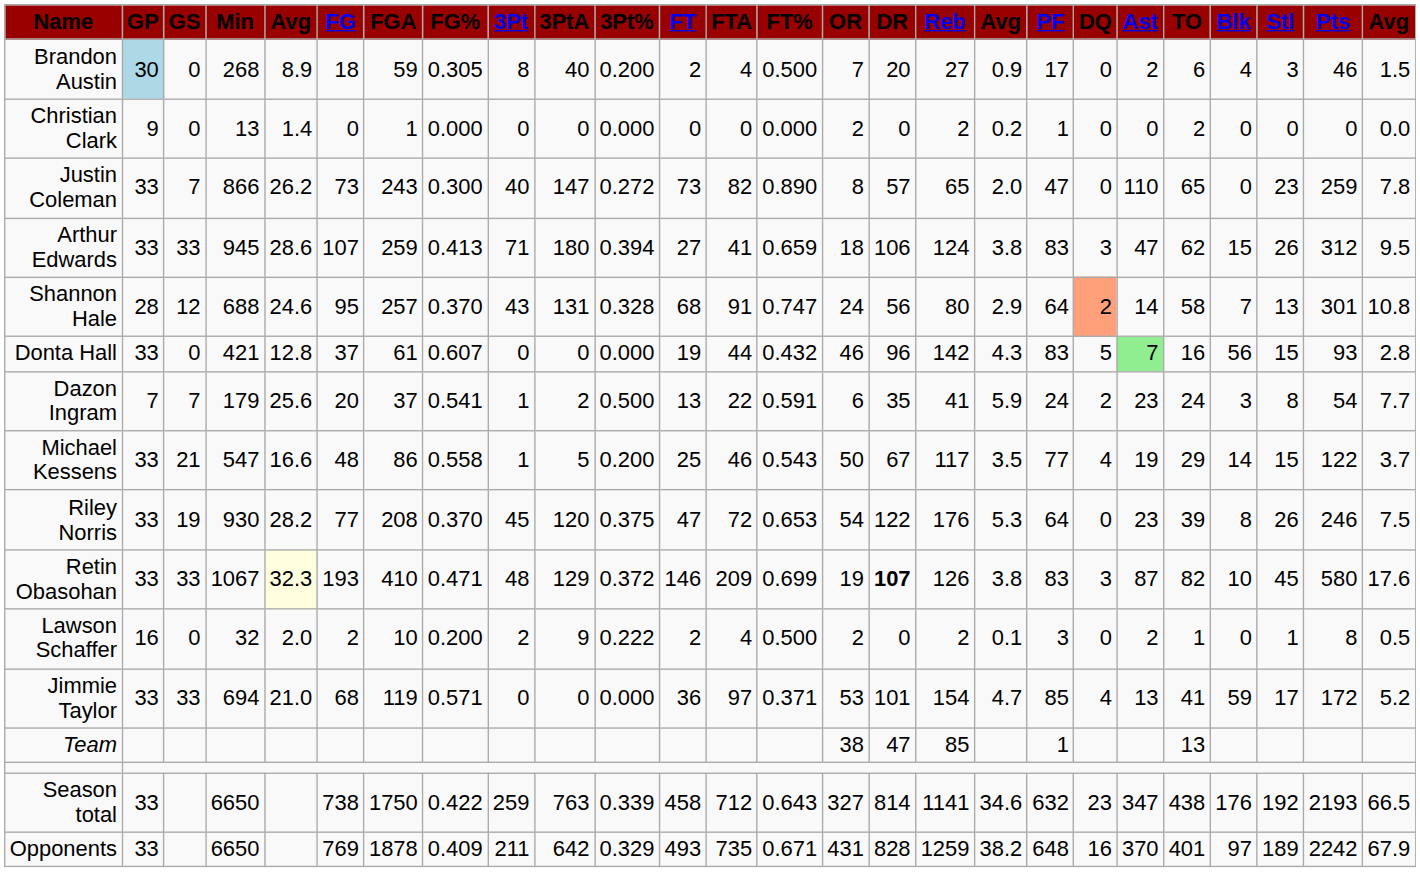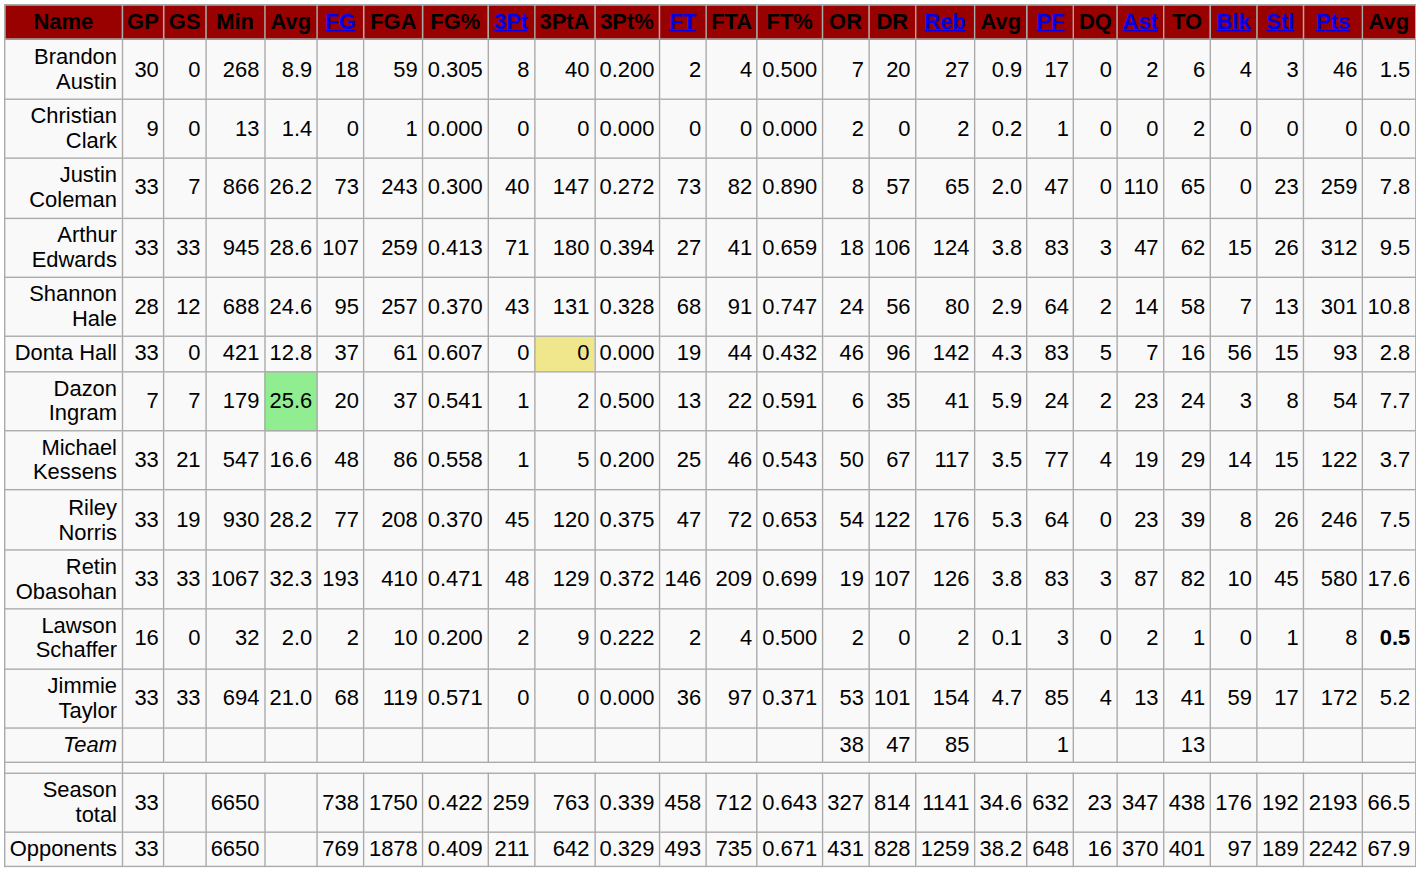 <table class="wikitable sortable" style="text-align:right">
 <tr>
 <td style="text-align:center; background:#990000;"><span><strong>Name</strong></span></td>
 <td style="text-align:center; background:#990000;"><span><strong>GP</strong></span></td>
 <td style="text-align:center; background:#990000;"><span><strong>GS</strong></span></td>
 <td style="text-align:center; background:#990000;"><span><strong>Min</strong></span></td>
 <td style="text-align:center; background:#990000;"><span><strong>Avg</strong></span></td>
 <td style="text-align:center; background:#990000;"><strong><a href='#'><span>FG</span></a></strong></td>
 <td style="text-align:center; background:#990000;"><span><strong>FGA</strong></span></td>
 <td style="text-align:center; background:#990000;"><span><strong>FG%</strong></span></td>
 <td style="text-align:center; background:#990000;"><strong><a href='#'><span>3Pt</span></a></strong></td>
 <td style="text-align:center; background:#990000;"><span><strong>3PtA</strong></span></td>
 <td style="text-align:center; background:#990000;"><span><strong>3Pt%</strong></span></td>
 <td style="text-align:center; background:#990000;"><strong><a href='#'><span>FT</span></a></strong></td>
 <td style="text-align:center; background:#990000;"><span><strong>FTA</strong></span></td>
 <td style="text-align:center; background:#990000;"><span><strong>FT%</strong></span></td>
 <td style="text-align:center; background:#990000;"><span><strong>OR</strong></span></td>
 <td style="text-align:center; background:#990000;"><span><strong>DR</strong></span></td>
 <td style="text-align:center; background:#990000;"><span><strong><a href='#'><span>Reb</span></a></strong></span></td>
 <td style="text-align:center; background:#990000;"><span><strong>Avg</strong></span></td>
 <td style="text-align:center; background:#990000;"><strong><a href='#'><span>PF</span></a></strong></td>
 <td style="text-align:center; background:#990000;"><span><strong>DQ</strong></span></td>
 <td style="text-align:center; background:#990000;"><strong><a href='#'><span>Ast</span></a></strong></td>
 <td style="text-align:center; background:#990000;"><span><strong>TO</strong></span></td>
 <td style="text-align:center; background:#990000;"><strong><a href='#'><span>Blk</span></a></strong></td>
 <td style="text-align:center; background:#990000;"><strong><a href='#'><span>Stl</span></a></strong></td>
 <td style="text-align:center; background:#990000;"><strong><a href='#'><span>Pts</span></a></strong></td>
 <td style="text-align:center; background:#990000;"><span><strong>Avg</strong></span></td>
 </tr>
 <tr>
 <td>Brandon Austin</td>
-<td style="background: lightblue;">30</td>
+<td>30</td>
 <td>0</td>
 <td>268</td>
 <td>8.9</td>
 <td>18</td>
 <td>59</td>
 <td>0.305</td>
 <td>8</td>
 <td>40</td>
 <td>0.200</td>
 <td>2</td>
 <td>4</td>
 <td>0.500</td>
 <td>7</td>
 <td>20</td>
 <td>27</td>
 <td>0.9</td>
 <td>17</td>
 <td>0</td>
 <td>2</td>
 <td>6</td>
 <td>4</td>
 <td>3</td>
 <td>46</td>
 <td>1.5</td>
 </tr>
 <tr>
 <td>Christian Clark</td>
 <td>9</td>
 <td>0</td>
 <td>13</td>
 <td>1.4</td>
 <td>0</td>
 <td>1</td>
 <td>0.000</td>
 <td>0</td>
 <td>0</td>
 <td>0.000</td>
 <td>0</td>
 <td>0</td>
 <td>0.000</td>
 <td>2</td>
 <td>0</td>
 <td>2</td>
 <td>0.2</td>
 <td>1</td>
 <td>0</td>
 <td>0</td>
 <td>2</td>
 <td>0</td>
 <td>0</td>
 <td>0</td>
 <td>0.0</td>
 </tr>
 <tr>
 <td>Justin Coleman</td>
 <td>33</td>
 <td>7</td>
 <td>866</td>
 <td>26.2</td>
 <td>73</td>
 <td>243</td>
 <td>0.300</td>
 <td>40</td>
 <td>147</td>
 <td>0.272</td>
 <td>73</td>
 <td>82</td>
 <td>0.890</td>
 <td>8</td>
 <td>57</td>
 <td>65</td>
 <td>2.0</td>
 <td>47</td>
 <td>0</td>
 <td>110</td>
 <td>65</td>
 <td>0</td>
 <td>23</td>
 <td>259</td>
 <td>7.8</td>
 </tr>
 <tr>
 <td>Arthur Edwards</td>
 <td>33</td>
 <td>33</td>
 <td>945</td>
 <td>28.6</td>
 <td>107</td>
 <td>259</td>
 <td>0.413</td>
 <td>71</td>
 <td>180</td>
 <td>0.394</td>
 <td>27</td>
 <td>41</td>
 <td>0.659</td>
 <td>18</td>
 <td>106</td>
 <td>124</td>
 <td>3.8</td>
 <td>83</td>
 <td>3</td>
 <td>47</td>
 <td>62</td>
 <td>15</td>
 <td>26</td>
 <td>312</td>
 <td>9.5</td>
 </tr>
 <tr>
 <td>Shannon Hale</td>
 <td>28</td>
 <td>12</td>
 <td>688</td>
 <td>24.6</td>
 <td>95</td>
 <td>257</td>
 <td>0.370</td>
 <td>43</td>
 <td>131</td>
 <td>0.328</td>
 <td>68</td>
 <td>91</td>
 <td>0.747</td>
 <td>24</td>
 <td>56</td>
 <td>80</td>
 <td>2.9</td>
 <td>64</td>
-<td style="background: lightsalmon;">2</td>
+<td>2</td>
 <td>14</td>
 <td>58</td>
 <td>7</td>
 <td>13</td>
 <td>301</td>
 <td>10.8</td>
 </tr>
 <tr>
 <td>Donta Hall</td>
 <td>33</td>
 <td>0</td>
 <td>421</td>
 <td>12.8</td>
 <td>37</td>
 <td>61</td>
 <td>0.607</td>
 <td>0</td>
-<td>0</td>
+<td style="background: khaki;">0</td>
 <td>0.000</td>
 <td>19</td>
 <td>44</td>
 <td>0.432</td>
 <td>46</td>
 <td>96</td>
 <td>142</td>
 <td>4.3</td>
 <td>83</td>
 <td>5</td>
-<td style="background: lightgreen;">7</td>
+<td>7</td>
 <td>16</td>
 <td>56</td>
 <td>15</td>
 <td>93</td>
 <td>2.8</td>
 </tr>
 <tr>
 <td>Dazon Ingram</td>
 <td>7</td>
 <td>7</td>
 <td>179</td>
-<td>25.6</td>
+<td style="background: lightgreen;">25.6</td>
 <td>20</td>
 <td>37</td>
 <td>0.541</td>
 <td>1</td>
 <td>2</td>
 <td>0.500</td>
 <td>13</td>
 <td>22</td>
 <td>0.591</td>
 <td>6</td>
 <td>35</td>
 <td>41</td>
 <td>5.9</td>
 <td>24</td>
 <td>2</td>
 <td>23</td>
 <td>24</td>
 <td>3</td>
 <td>8</td>
 <td>54</td>
 <td>7.7</td>
 </tr>
 <tr>
 <td>Michael Kessens</td>
 <td>33</td>
 <td>21</td>
 <td>547</td>
 <td>16.6</td>
 <td>48</td>
 <td>86</td>
 <td>0.558</td>
 <td>1</td>
 <td>5</td>
 <td>0.200</td>
 <td>25</td>
 <td>46</td>
 <td>0.543</td>
 <td>50</td>
 <td>67</td>
 <td>117</td>
 <td>3.5</td>
 <td>77</td>
 <td>4</td>
 <td>19</td>
 <td>29</td>
 <td>14</td>
 <td>15</td>
 <td>122</td>
 <td>3.7</td>
 </tr>
 <tr>
 <td>Riley Norris</td>
 <td>33</td>
 <td>19</td>
 <td>930</td>
 <td>28.2</td>
 <td>77</td>
 <td>208</td>
 <td>0.370</td>
 <td>45</td>
 <td>120</td>
 <td>0.375</td>
 <td>47</td>
 <td>72</td>
 <td>0.653</td>
 <td>54</td>
 <td>122</td>
 <td>176</td>
 <td>5.3</td>
 <td>64</td>
 <td>0</td>
 <td>23</td>
 <td>39</td>
 <td>8</td>
 <td>26</td>
 <td>246</td>
 <td>7.5</td>
 </tr>
 <tr>
 <td>Retin Obasohan</td>
 <td>33</td>
 <td>33</td>
 <td>1067</td>
-<td style="background: lightyellow;">32.3</td>
+<td>32.3</td>
 <td>193</td>
 <td>410</td>
 <td>0.471</td>
 <td>48</td>
 <td>129</td>
 <td>0.372</td>
 <td>146</td>
 <td>209</td>
 <td>0.699</td>
 <td>19</td>
-<td><strong>107</strong></td>
+<td>107</td>
 <td>126</td>
 <td>3.8</td>
 <td>83</td>
 <td>3</td>
 <td>87</td>
 <td>82</td>
 <td>10</td>
 <td>45</td>
 <td>580</td>
 <td>17.6</td>
 </tr>
 <tr>
 <td>Lawson Schaffer</td>
 <td>16</td>
 <td>0</td>
 <td>32</td>
 <td>2.0</td>
 <td>2</td>
 <td>10</td>
 <td>0.200</td>
 <td>2</td>
 <td>9</td>
 <td>0.222</td>
 <td>2</td>
 <td>4</td>
 <td>0.500</td>
 <td>2</td>
 <td>0</td>
 <td>2</td>
 <td>0.1</td>
 <td>3</td>
 <td>0</td>
 <td>2</td>
 <td>1</td>
 <td>0</td>
 <td>1</td>
 <td>8</td>
-<td>0.5</td>
+<td><strong>0.5</strong></td>
 </tr>
 <tr>
 <td>Jimmie Taylor</td>
 <td>33</td>
 <td>33</td>
 <td>694</td>
 <td>21.0</td>
 <td>68</td>
 <td>119</td>
 <td>0.571</td>
 <td>0</td>
 <td>0</td>
 <td>0.000</td>
 <td>36</td>
 <td>97</td>
 <td>0.371</td>
 <td>53</td>
 <td>101</td>
 <td>154</td>
 <td>4.7</td>
 <td>85</td>
 <td>4</td>
 <td>13</td>
 <td>41</td>
 <td>59</td>
 <td>17</td>
 <td>172</td>
 <td>5.2</td>
 </tr>
 <tr>
 <td><em>Team</em></td>
 <td></td>
 <td></td>
 <td></td>
 <td></td>
 <td></td>
 <td></td>
 <td></td>
 <td></td>
 <td></td>
 <td></td>
 <td></td>
 <td></td>
 <td></td>
 <td>38</td>
 <td>47</td>
 <td>85</td>
 <td></td>
 <td>1</td>
 <td></td>
 <td></td>
 <td>13</td>
 <td></td>
 <td></td>
 <td></td>
 <td></td>
 </tr>
 <tr>
 <td></td>
 </tr>
 <tr>
 <td>Season total</td>
 <td>33</td>
 <td></td>
 <td>6650</td>
 <td></td>
 <td>738</td>
 <td>1750</td>
 <td>0.422</td>
 <td>259</td>
 <td>763</td>
 <td>0.339</td>
 <td>458</td>
 <td>712</td>
 <td>0.643</td>
 <td>327</td>
 <td>814</td>
 <td>1141</td>
 <td>34.6</td>
 <td>632</td>
 <td>23</td>
 <td>347</td>
 <td>438</td>
 <td>176</td>
 <td>192</td>
 <td>2193</td>
 <td>66.5</td>
 </tr>
 <tr>
 <td>Opponents</td>
 <td>33</td>
 <td></td>
 <td>6650</td>
 <td></td>
 <td>769</td>
 <td>1878</td>
 <td>0.409</td>
 <td>211</td>
 <td>642</td>
 <td>0.329</td>
 <td>493</td>
 <td>735</td>
 <td>0.671</td>
 <td>431</td>
 <td>828</td>
 <td>1259</td>
 <td>38.2</td>
 <td>648</td>
 <td>16</td>
 <td>370</td>
 <td>401</td>
 <td>97</td>
 <td>189</td>
 <td>2242</td>
 <td>67.9</td>
 </tr>
 </table>
